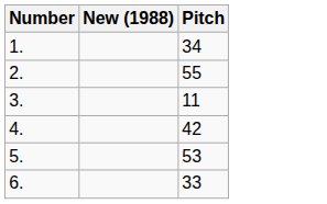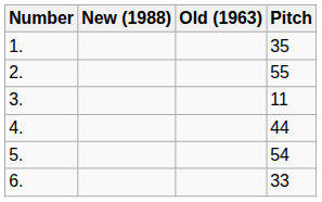 <table class="wikitable" style="font-family:MPH 2B Damase">
 <tr>
 <th>Number</th>
 <th>New (1988)</th>
+<th>Old (1963)</th>
 <th>Pitch</th>
 </tr>
 <tr ---->
 <td>1.</td>
 <td></td>
-<td>34</td>
+<td></td>
+<td>35</td>
 </tr>
 <tr ---->
 <td>2.</td>
+<td></td>
 <td></td>
 <td>55</td>
 </tr>
 <tr ---->
 <td>3.</td>
 <td></td>
+<td></td>
 <td>11</td>
 </tr>
 <tr ---->
 <td>4.</td>
 <td></td>
-<td>42</td>
+<td></td>
+<td>44</td>
 </tr>
 <tr ---->
 <td>5.</td>
 <td></td>
-<td>53</td>
+<td></td>
+<td>54</td>
 </tr>
 <tr ---->
 <td>6.</td>
 <td></td>
+<td></td>
 <td>33</td>
 </tr>
 </table>
